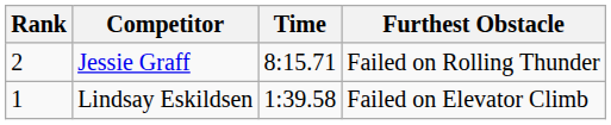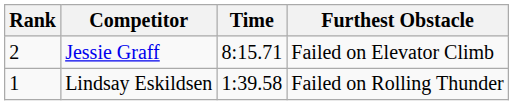 <table class="wikitable sortable mw-collapsible">
 <tr>
 <th>Rank</th>
 <th>Competitor</th>
 <th>Time</th>
 <th>Furthest Obstacle</th>
 </tr>
 <tr>
 <td>2</td>
 <td><a href='#'>Jessie Graff</a></td>
 <td>8:15.71</td>
-<td>Failed on Rolling Thunder</td>
+<td>Failed on Elevator Climb</td>
 </tr>
 <tr>
 <td>1</td>
 <td>Lindsay Eskildsen</td>
 <td>1:39.58</td>
-<td>Failed on Elevator Climb</td>
+<td>Failed on Rolling Thunder</td>
 </tr>
 </table>
